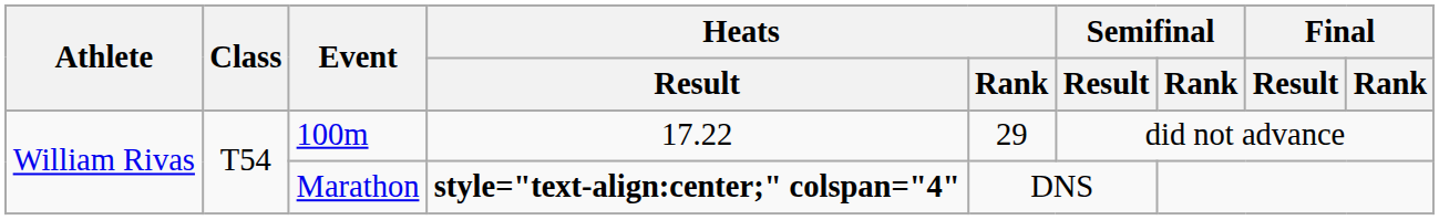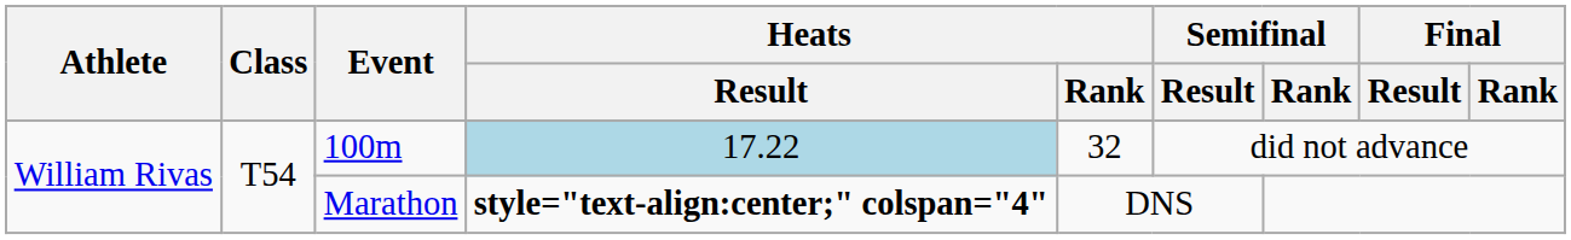 <table class=wikitable style="font-size:90%">
 <tr>
 <th rowspan="2">Athlete</th>
 <th rowspan="2">Class</th>
 <th rowspan="2">Event</th>
 <th colspan="2">Heats</th>
 <th colspan="2">Semifinal</th>
 <th colspan="2">Final</th>
 </tr>
 <tr>
 <th>Result</th>
 <th>Rank</th>
 <th>Result</th>
 <th>Rank</th>
 <th>Result</th>
 <th>Rank</th>
 </tr>
 <tr>
 <td rowspan="2"><a href='#'>William Rivas</a></td>
 <td rowspan="2" style="text-align:center;">T54</td>
 <td><a href='#'>100m</a></td>
-<td style="text-align:center;">17.22</td>
-<td style="text-align:center;">29</td>
+<td style="background: lightblue; text-align:center;">17.22</td>
+<td style="text-align:center;">32</td>
 <td style="text-align:center;" colspan="4">did not advance</td>
 </tr>
 <tr>
 <td><a href='#'>Marathon</a></td>
 <td><strong>style="text-align:center;" colspan="4" </strong></td>
 <td style="text-align:center;" colspan="2">DNS</td>
 </tr>
 </table>
